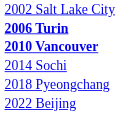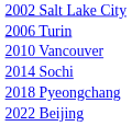 <table>
 <tr valign="top">
 <td><a href='#'>2002 Salt Lake City</a><br></td>
 <td></td>
 <td></td>
 <td></td>
 </tr>
 <tr valign="top">
-<td><strong><a href='#'>2006 Turin</a><br></strong></td>
+<td><a href='#'>2006 Turin</a><br></td>
 <td></td>
 <td></td>
 <td></td>
 </tr>
 <tr valign="top">
-<td><strong><a href='#'>2010 Vancouver</a><br></strong></td>
+<td><a href='#'>2010 Vancouver</a><br></td>
 <td></td>
 <td></td>
 <td></td>
 </tr>
 <tr valign="top">
 <td><a href='#'>2014 Sochi</a><br></td>
 <td></td>
 <td></td>
 <td></td>
 </tr>
 <tr valign="top">
 <td><a href='#'>2018 Pyeongchang</a><br></td>
 <td></td>
 <td></td>
 <td></td>
 </tr>
 <tr valign="top">
 <td><a href='#'>2022 Beijing</a><br></td>
 <td></td>
 <td></td>
 <td></td>
 </tr>
 <tr>
 </tr>
 </table>
